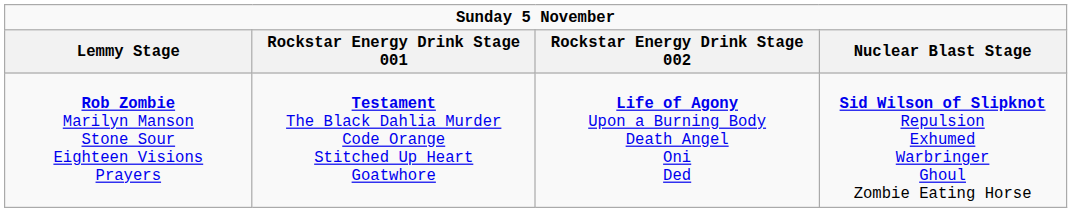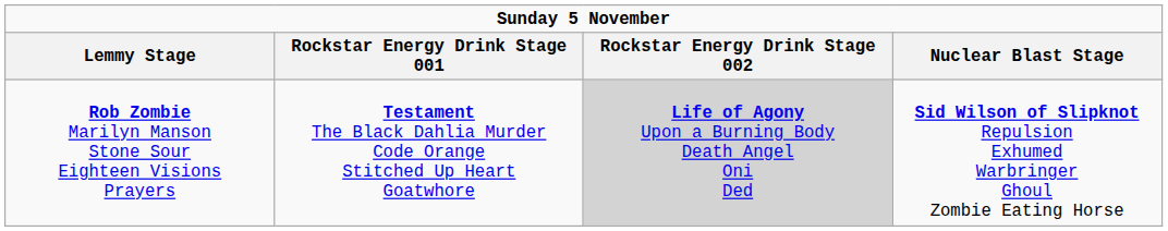 <table class="wikitable">
 <tr>
 <td colspan="4" style="text-align:center;"><strong>Sunday 5 November</strong></td>
 </tr>
 <tr>
 <th>Lemmy Stage</th>
 <th>Rockstar Energy Drink Stage 001</th>
 <th>Rockstar Energy Drink Stage 002</th>
 <th>Nuclear Blast Stage</th>
 </tr>
 <tr>
 <td style="text-align:center; vertical-align:top; width:200px;"><br><strong><a href='#'>Rob Zombie</a></strong><br> <a href='#'>Marilyn Manson</a><br> <a href='#'>Stone Sour</a><br> <a href='#'>Eighteen Visions</a><br> <a href='#'>Prayers</a><br></td>
 <td style="text-align:center; vertical-align:top; width:230px;"><br><strong><a href='#'>Testament</a></strong><br> <a href='#'>The Black Dahlia Murder</a><br> <a href='#'>Code Orange</a><br> <a href='#'>Stitched Up Heart</a><br> <a href='#'>Goatwhore</a><br></td>
-<td style="text-align:center; vertical-align:top; width:230px;"><br><strong><a href='#'>Life of Agony</a></strong><br> <a href='#'>Upon a Burning Body</a><br> <a href='#'>Death Angel</a><br> <a href='#'>Oni</a><br> <a href='#'>Ded</a><br></td>
+<td style="background: lightgrey; text-align:center; vertical-align:top; width:230px;"><br><strong><a href='#'>Life of Agony</a></strong><br> <a href='#'>Upon a Burning Body</a><br> <a href='#'>Death Angel</a><br> <a href='#'>Oni</a><br> <a href='#'>Ded</a><br></td>
 <td style="text-align:center; vertical-align:top; width:200px;"><br><strong><a href='#'> Sid Wilson of Slipknot</a></strong><br> <a href='#'>Repulsion</a><br> <a href='#'>Exhumed</a><br> <a href='#'>Warbringer</a><br> <a href='#'>Ghoul</a><br> Zombie Eating Horse<br></td>
 </tr>
 </table>
